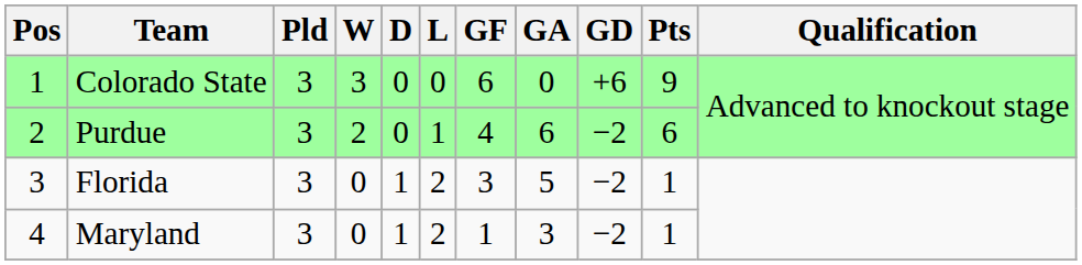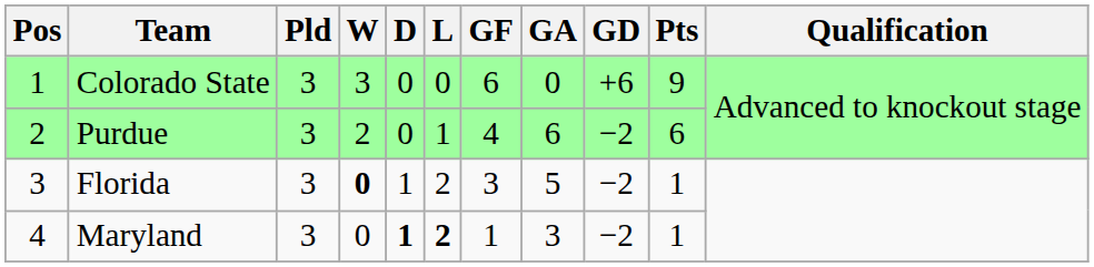 <table class="wikitable" style="text-align:center">
 <tr>
 <th>Pos</th>
 <th>Team</th>
 <th>Pld</th>
 <th>W</th>
 <th>D</th>
 <th>L</th>
 <th>GF</th>
 <th>GA</th>
 <th>GD</th>
 <th>Pts</th>
 <th>Qualification</th>
 </tr>
 <tr bgcolor="#9eff9e">
 <td>1</td>
 <td style="text-align:left">Colorado State</td>
 <td>3</td>
 <td>3</td>
 <td>0</td>
 <td>0</td>
 <td>6</td>
 <td>0</td>
 <td>+6</td>
 <td>9</td>
 <td rowspan="2">Advanced to knockout stage</td>
 </tr>
 <tr bgcolor="#9eff9e">
 <td>2</td>
 <td style="text-align:left">Purdue</td>
 <td>3</td>
 <td>2</td>
 <td>0</td>
 <td>1</td>
 <td>4</td>
 <td>6</td>
 <td>−2</td>
 <td>6</td>
 </tr>
 <tr>
 <td>3</td>
 <td style="text-align:left">Florida</td>
 <td>3</td>
-<td>0</td>
+<td><strong>0</strong></td>
 <td>1</td>
 <td>2</td>
 <td>3</td>
 <td>5</td>
 <td>−2</td>
 <td>1</td>
 <td rowspan="2"></td>
 </tr>
 <tr>
 <td>4</td>
 <td style="text-align:left">Maryland</td>
 <td>3</td>
 <td>0</td>
-<td>1</td>
-<td>2</td>
+<td><strong>1</strong></td>
+<td><strong>2</strong></td>
 <td>1</td>
 <td>3</td>
 <td>−2</td>
 <td>1</td>
 </tr>
 </table>
